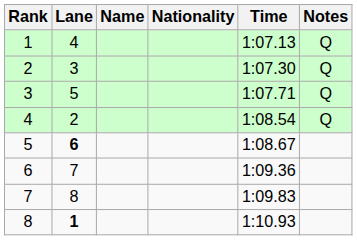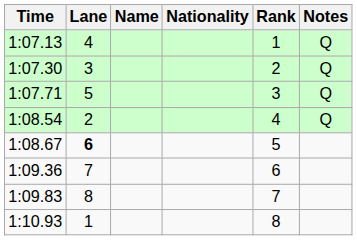 <table class="wikitable sortable" style="text-align:center">
 <tr>
-<th>Rank</th>
+<th>Time</th>
 <th>Lane</th>
 <th>Name</th>
 <th>Nationality</th>
-<th>Time</th>
+<th>Rank</th>
 <th>Notes</th>
 </tr>
 <tr bgcolor="ccffcc">
-<td>1</td>
+<td>1:07.13</td>
 <td>4</td>
 <td align="left"></td>
 <td align="left"></td>
-<td>1:07.13</td>
+<td>1</td>
 <td>Q</td>
 </tr>
 <tr bgcolor="ccffcc">
-<td>2</td>
+<td>1:07.30</td>
 <td>3</td>
 <td align="left"></td>
 <td align="left"></td>
-<td>1:07.30</td>
+<td>2</td>
 <td>Q</td>
 </tr>
 <tr bgcolor="ccffcc">
-<td>3</td>
+<td>1:07.71</td>
 <td>5</td>
 <td align="left"></td>
 <td align="left"></td>
-<td>1:07.71</td>
+<td>3</td>
 <td>Q</td>
 </tr>
 <tr bgcolor="ccffcc">
-<td>4</td>
+<td>1:08.54</td>
 <td>2</td>
 <td align="left"></td>
 <td align="left"></td>
-<td>1:08.54</td>
+<td>4</td>
 <td>Q</td>
 </tr>
 <tr>
-<td>5</td>
+<td>1:08.67</td>
 <td><strong>6</strong></td>
 <td align="left"></td>
 <td align="left"></td>
-<td>1:08.67</td>
+<td>5</td>
 <td></td>
 </tr>
 <tr>
-<td>6</td>
+<td>1:09.36</td>
 <td>7</td>
 <td align="left"></td>
 <td align="left"></td>
-<td>1:09.36</td>
+<td>6</td>
 <td></td>
 </tr>
 <tr>
-<td>7</td>
+<td>1:09.83</td>
 <td>8</td>
 <td align="left"></td>
 <td align="left"></td>
-<td>1:09.83</td>
+<td>7</td>
 <td></td>
 </tr>
 <tr>
-<td>8</td>
-<td><strong>1</strong></td>
+<td>1:10.93</td>
+<td>1</td>
 <td align="left"></td>
 <td align="left"></td>
-<td>1:10.93</td>
+<td>8</td>
 <td></td>
 </tr>
 </table>
